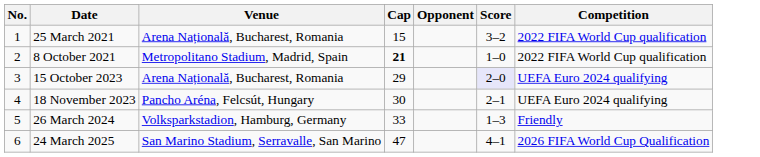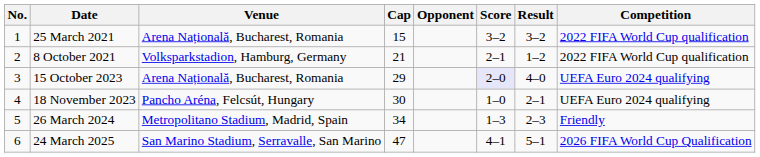 <table class="wikitable sortable">
 <tr>
 <th scope="col">No.</th>
 <th scope="col" data-sort-type="date">Date</th>
 <th scope="col">Venue</th>
 <th scope="col">Cap</th>
 <th scope="col">Opponent</th>
 <th scope="col">Score</th>
+<th scope="col">Result</th>
 <th scope="col">Competition</th>
 </tr>
 <tr>
 <td align="center">1</td>
 <td>25 March 2021</td>
 <td><a href='#'>Arena Națională</a>, Bucharest, Romania</td>
 <td align="center">15</td>
 <td></td>
 <td align="center">3–2</td>
+<td align="center">3–2</td>
 <td><a href='#'>2022 FIFA World Cup qualification</a></td>
 </tr>
 <tr>
 <td align="center">2</td>
 <td>8 October 2021</td>
-<td><a href='#'>Metropolitano Stadium</a>, Madrid, Spain</td>
-<td align="center"><strong>21</strong></td>
+<td><a href='#'>Volksparkstadion</a>, Hamburg, Germany</td>
+<td align="center">21</td>
 <td></td>
-<td align="center">1–0</td>
+<td align="center">2–1</td>
+<td align="center">1–2</td>
 <td>2022 FIFA World Cup qualification</td>
 </tr>
 <tr>
 <td align="center">3</td>
 <td>15 October 2023</td>
 <td><a href='#'>Arena Națională</a>, Bucharest, Romania</td>
 <td align="center">29</td>
 <td></td>
 <td align="center" style="background: lavender;">2–0</td>
+<td align="center">4–0</td>
 <td><a href='#'>UEFA Euro 2024 qualifying</a></td>
 </tr>
 <tr>
 <td align="center">4</td>
 <td>18 November 2023</td>
 <td><a href='#'>Pancho Aréna</a>, Felcsút, Hungary</td>
 <td align="center">30</td>
 <td></td>
+<td align="center">1–0</td>
 <td align="center">2–1</td>
 <td>UEFA Euro 2024 qualifying</td>
 </tr>
 <tr>
 <td align="center">5</td>
 <td>26 March 2024</td>
-<td><a href='#'>Volksparkstadion</a>, Hamburg, Germany</td>
-<td align="center">33</td>
+<td><a href='#'>Metropolitano Stadium</a>, Madrid, Spain</td>
+<td align="center">34</td>
 <td></td>
 <td align="center">1–3</td>
+<td align="center">2–3</td>
 <td><a href='#'>Friendly</a></td>
 </tr>
 <tr>
 <td align="center">6</td>
 <td>24 March 2025</td>
 <td><a href='#'>San Marino Stadium</a>, <a href='#'>Serravalle</a>, San Marino</td>
 <td align="center">47</td>
 <td></td>
 <td align="center">4–1</td>
+<td align="center">5–1</td>
 <td><a href='#'>2026 FIFA World Cup Qualification</a></td>
 </tr>
 </table>
